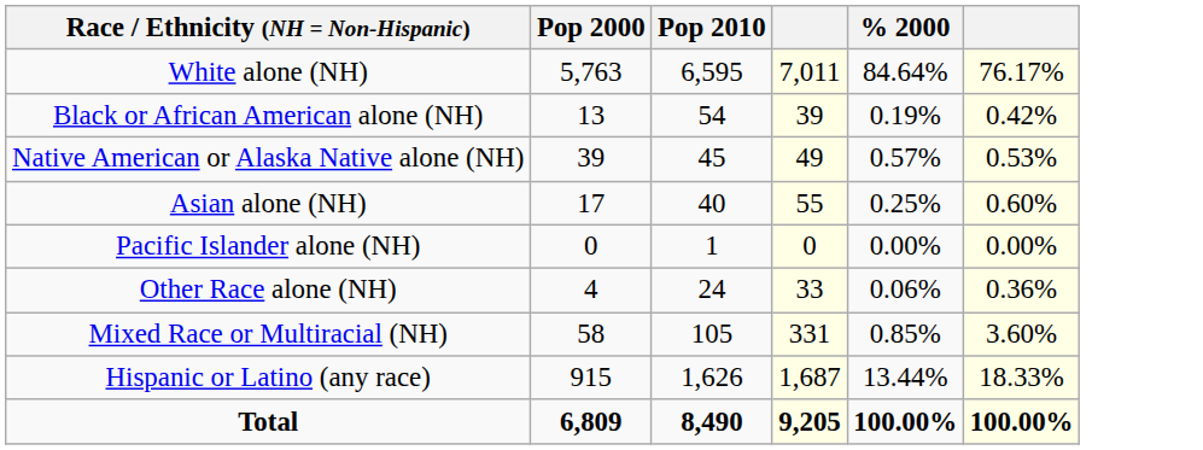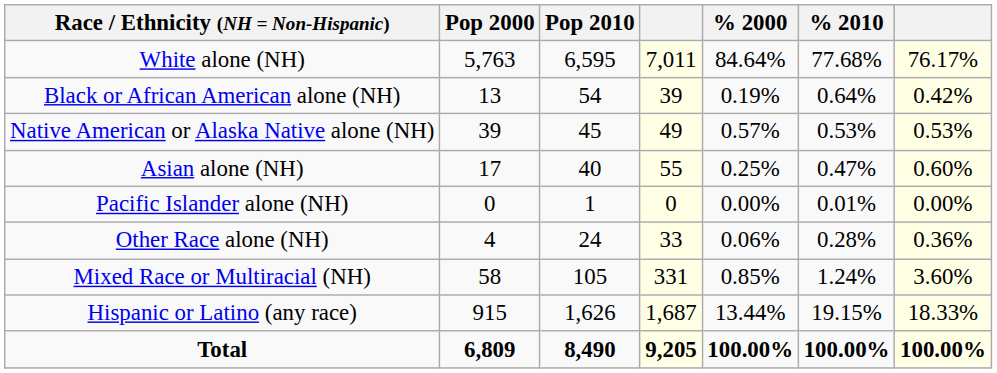 <table class="wikitable" style="text-align:center;">
 <tr>
 <th>Race / Ethnicity <small>(<em>NH = Non-Hispanic</em>)</small></th>
 <th>Pop 2000</th>
 <th>Pop 2010</th>
 <th></th>
 <th>% 2000</th>
+<th>% 2010</th>
 <th></th>
 </tr>
 <tr>
 <td><a href='#'>White</a> alone (NH)</td>
 <td>5,763</td>
 <td>6,595</td>
 <td style='background: #ffffe6;'>7,011</td>
 <td>84.64%</td>
+<td>77.68%</td>
 <td style='background: #ffffe6;'>76.17%</td>
 </tr>
 <tr>
 <td><a href='#'>Black or African American</a> alone (NH)</td>
 <td>13</td>
 <td>54</td>
 <td style='background: #ffffe6;'>39</td>
 <td>0.19%</td>
+<td>0.64%</td>
 <td style='background: #ffffe6;'>0.42%</td>
 </tr>
 <tr>
 <td><a href='#'>Native American</a> or <a href='#'>Alaska Native</a> alone (NH)</td>
 <td>39</td>
 <td>45</td>
 <td style='background: #ffffe6;'>49</td>
 <td>0.57%</td>
+<td>0.53%</td>
 <td style='background: #ffffe6;'>0.53%</td>
 </tr>
 <tr>
 <td><a href='#'>Asian</a> alone (NH)</td>
 <td>17</td>
 <td>40</td>
 <td style='background: #ffffe6;'>55</td>
 <td>0.25%</td>
+<td>0.47%</td>
 <td style='background: #ffffe6;'>0.60%</td>
 </tr>
 <tr>
 <td><a href='#'>Pacific Islander</a> alone (NH)</td>
 <td>0</td>
 <td>1</td>
 <td style='background: #ffffe6;'>0</td>
 <td>0.00%</td>
+<td>0.01%</td>
 <td style='background: #ffffe6;'>0.00%</td>
 </tr>
 <tr>
 <td><a href='#'>Other Race</a> alone (NH)</td>
 <td>4</td>
 <td>24</td>
 <td style='background: #ffffe6;'>33</td>
 <td>0.06%</td>
+<td>0.28%</td>
 <td style='background: #ffffe6;'>0.36%</td>
 </tr>
 <tr>
 <td><a href='#'>Mixed Race or Multiracial</a> (NH)</td>
 <td>58</td>
 <td>105</td>
 <td style='background: #ffffe6;'>331</td>
 <td>0.85%</td>
+<td>1.24%</td>
 <td style='background: #ffffe6;'>3.60%</td>
 </tr>
 <tr>
 <td><a href='#'>Hispanic or Latino</a> (any race)</td>
 <td>915</td>
 <td>1,626</td>
 <td style='background: #ffffe6;'>1,687</td>
 <td>13.44%</td>
+<td>19.15%</td>
 <td style='background: #ffffe6;'>18.33%</td>
 </tr>
 <tr>
 <td><strong>Total</strong></td>
 <td><strong>6,809</strong></td>
 <td><strong>8,490</strong></td>
 <td style='background: #ffffe6;'><strong>9,205</strong></td>
 <td><strong>100.00%</strong></td>
+<td><strong>100.00%</strong></td>
 <td style='background: #ffffe6;'><strong>100.00%</strong></td>
 </tr>
 </table>
